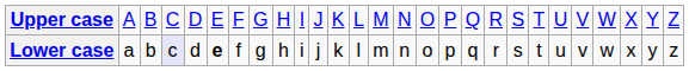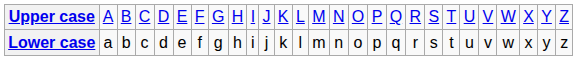 <table class="wikitable" style="text-align:center; table-layout:fixed">
 <tr>
 <th><a href='#'>Upper case</a></th>
 <td><a href='#'>A</a></td>
 <td><a href='#'>B</a></td>
 <td><a href='#'>C</a></td>
 <td><a href='#'>D</a></td>
 <td><a href='#'>E</a></td>
 <td><a href='#'>F</a></td>
 <td><a href='#'>G</a></td>
 <td><a href='#'>H</a></td>
 <td><a href='#'>I</a></td>
 <td><a href='#'>J</a></td>
 <td><a href='#'>K</a></td>
 <td><a href='#'>L</a></td>
 <td><a href='#'>M</a></td>
 <td><a href='#'>N</a></td>
 <td><a href='#'>O</a></td>
 <td><a href='#'>P</a></td>
 <td><a href='#'>Q</a></td>
 <td><a href='#'>R</a></td>
 <td><a href='#'>S</a></td>
 <td><a href='#'>T</a></td>
 <td><a href='#'>U</a></td>
 <td><a href='#'>V</a></td>
 <td><a href='#'>W</a></td>
 <td><a href='#'>X</a></td>
 <td><a href='#'>Y</a></td>
 <td><a href='#'>Z</a></td>
 </tr>
 <tr>
 <th><a href='#'>Lower case</a></th>
 <td>a</td>
 <td>b</td>
-<td style="background: lavender;">c</td>
+<td>c</td>
 <td>d</td>
-<td><strong>e</strong></td>
+<td>e</td>
 <td>f</td>
 <td>g</td>
 <td>h</td>
 <td>i</td>
 <td>j</td>
 <td>k</td>
 <td>l</td>
 <td>m</td>
 <td>n</td>
 <td>o</td>
 <td>p</td>
 <td>q</td>
 <td>r</td>
 <td>s</td>
 <td>t</td>
 <td>u</td>
 <td>v</td>
 <td>w</td>
 <td>x</td>
 <td>y</td>
 <td>z</td>
 </tr>
 </table>
